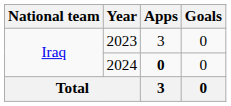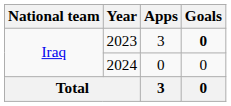 <table class="wikitable" style="text-align:center">
 <tr>
 <th>National team</th>
 <th>Year</th>
 <th>Apps</th>
 <th>Goals</th>
 </tr>
 <tr>
 <td rowspan="2"><a href='#'>Iraq</a></td>
 <td>2023</td>
 <td>3</td>
-<td>0</td>
+<td><strong>0</strong></td>
 </tr>
 <tr>
 <td>2024</td>
-<td><strong>0</strong></td>
+<td>0</td>
 <td>0</td>
 </tr>
 <tr>
 <th colspan=2>Total</th>
 <th>3</th>
 <th>0</th>
 </tr>
 </table>
